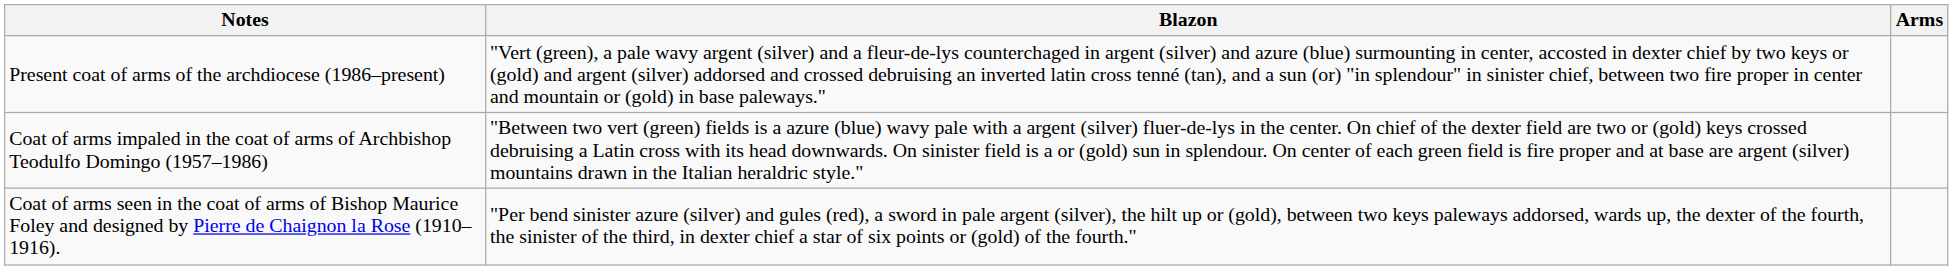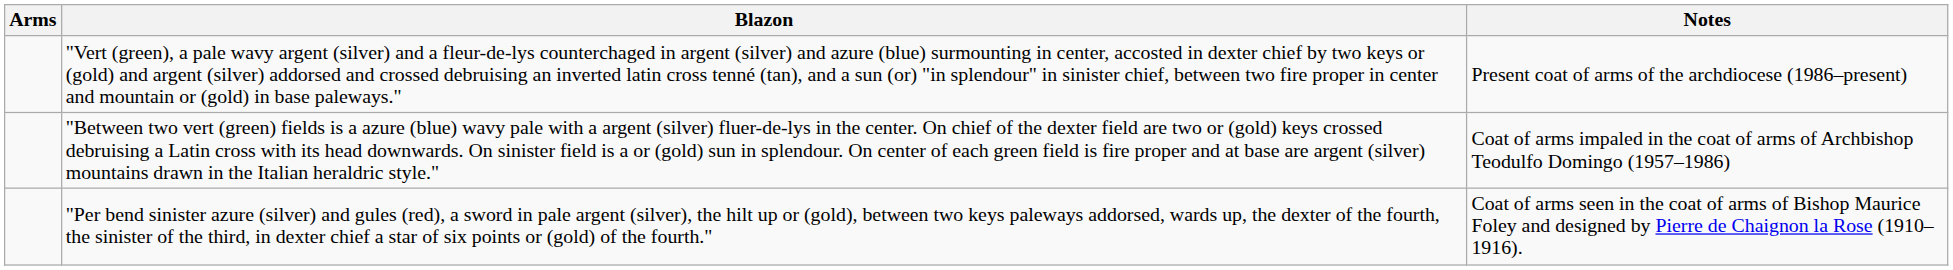 <table class="wikitable">
 <tr>
+<th>Arms</th>
+<th>Blazon</th>
 <th>Notes</th>
-<th>Blazon</th>
-<th>Arms</th>
 </tr>
 <tr>
+<td></td>
+<td>"Vert (green), a pale wavy argent (silver) and a fleur-de-lys counterchaged in argent (silver) and azure (blue) surmounting in center, accosted in dexter chief by two keys or (gold) and argent (silver) addorsed and crossed debruising an inverted latin cross tenné (tan), and a sun (or) "in splendour" in sinister chief, between two fire proper in center and mountain or (gold) in base paleways."</td>
 <td>Present coat of arms of the archdiocese (1986–present)</td>
-<td>"Vert (green), a pale wavy argent (silver) and a fleur-de-lys counterchaged in argent (silver) and azure (blue) surmounting in center, accosted in dexter chief by two keys or (gold) and argent (silver) addorsed and crossed debruising an inverted latin cross tenné (tan), and a sun (or) "in splendour" in sinister chief, between two fire proper in center and mountain or (gold) in base paleways."</td>
-<td></td>
 </tr>
 <tr>
+<td></td>
+<td>"Between two vert (green) fields is a azure (blue) wavy pale with a argent (silver) fluer-de-lys in the center. On chief of the dexter field are two or (gold) keys crossed debruising a Latin cross with its head downwards. On sinister field is a or (gold) sun in splendour. On center of each green field is fire proper and at base are argent (silver) mountains drawn in the Italian heraldric style."</td>
 <td>Coat of arms impaled in the coat of arms of Archbishop Teodulfo Domingo (1957–1986)</td>
-<td>"Between two vert (green) fields is a azure (blue) wavy pale with a argent (silver) fluer-de-lys in the center. On chief of the dexter field are two or (gold) keys crossed debruising a Latin cross with its head downwards. On sinister field is a or (gold) sun in splendour. On center of each green field is fire proper and at base are argent (silver) mountains drawn in the Italian heraldric style."</td>
-<td></td>
 </tr>
 <tr>
+<td></td>
+<td>"Per bend sinister azure (silver) and gules (red), a sword in pale argent (silver), the hilt up or (gold), between two keys paleways addorsed, wards up, the dexter of the fourth, the sinister of the third, in dexter chief a star of six points or (gold) of the fourth."</td>
 <td>Coat of arms seen in the coat of arms of Bishop Maurice Foley and designed by <a href='#'>Pierre de Chaignon la Rose</a> (1910–1916).</td>
-<td>"Per bend sinister azure (silver) and gules (red), a sword in pale argent (silver), the hilt up or (gold), between two keys paleways addorsed, wards up, the dexter of the fourth, the sinister of the third, in dexter chief a star of six points or (gold) of the fourth."</td>
-<td></td>
 </tr>
 </table>
